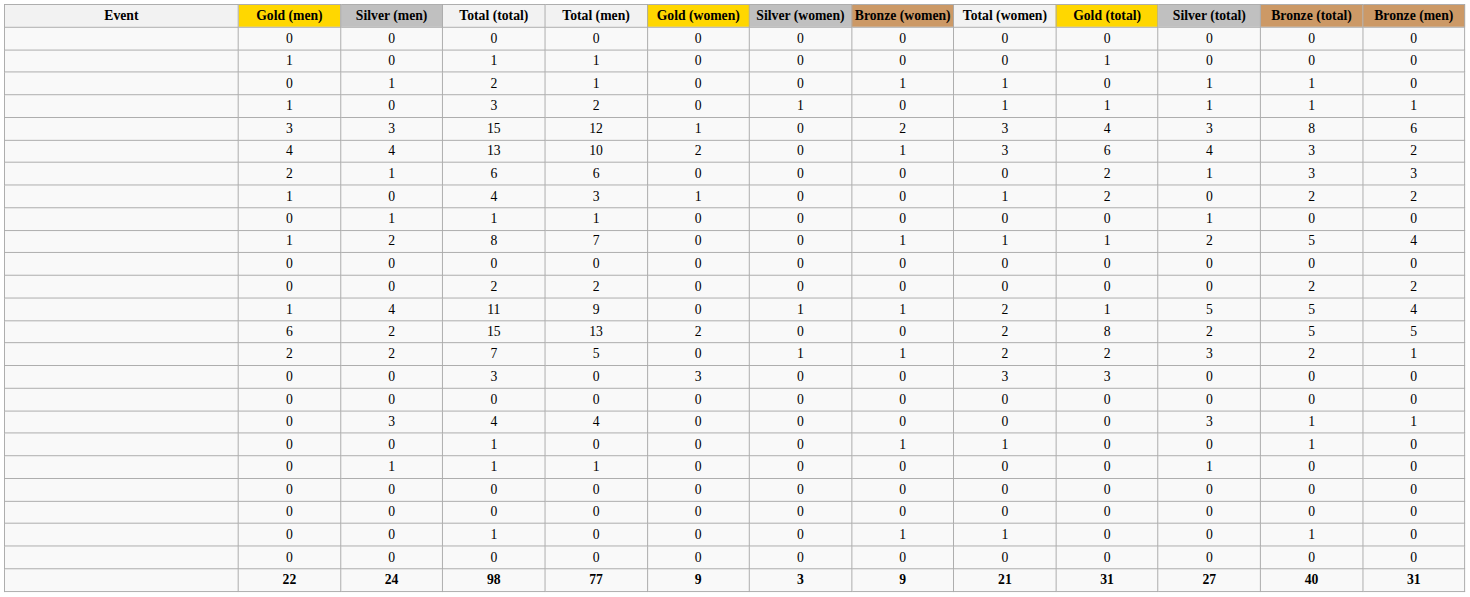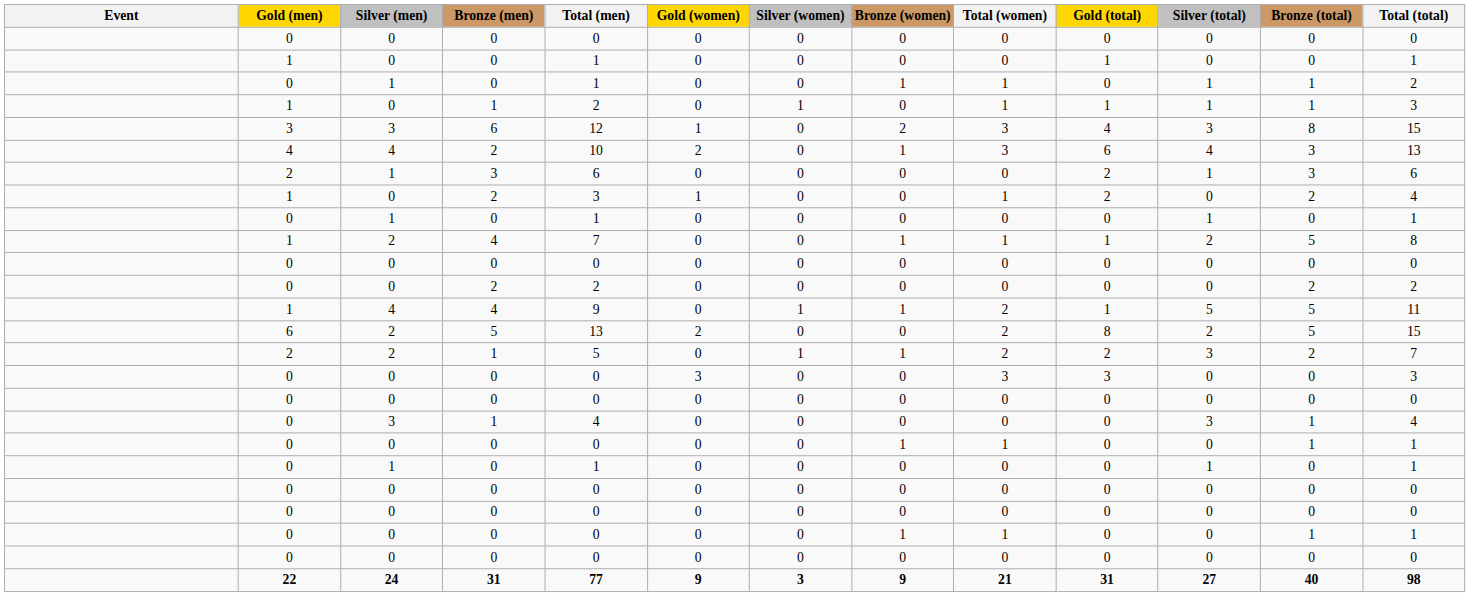 <table class="wikitable sortable" style="font-size:90%; text-align:center;">
 <tr>
 <th>Event</th>
 <th width=7% style="background-color:gold">Gold (men)</th>
 <th width=7% style="background-color:silver">Silver (men)</th>
-<th width=7%>Total (total)</th>
+<th width=7% style="background-color:#cc9966">Bronze (men)</th>
 <th width=7%>Total (men)</th>
 <th width=7% style="background-color:gold">Gold (women)</th>
 <th width=7% style="background-color:silver">Silver (women)</th>
 <th width=7% style="background-color:#cc9966">Bronze (women)</th>
 <th width=7%>Total (women)</th>
 <th width=7% style="background-color:gold">Gold (total)</th>
 <th width=7% style="background-color:silver">Silver (total)</th>
 <th width=7% style="background-color:#cc9966">Bronze (total)</th>
-<th width=7% style="background-color:#cc9966">Bronze (men)</th>
+<th width=7%>Total (total)</th>
 </tr>
 <tr>
 <td></td>
 <td>0</td>
 <td>0</td>
 <td>0</td>
 <td>0</td>
 <td>0</td>
 <td>0</td>
 <td>0</td>
 <td>0</td>
 <td>0</td>
 <td>0</td>
 <td>0</td>
 <td>0</td>
 </tr>
 <tr>
 <td></td>
 <td>1</td>
 <td>0</td>
-<td>1</td>
+<td>0</td>
 <td>1</td>
 <td>0</td>
 <td>0</td>
 <td>0</td>
 <td>0</td>
 <td>1</td>
 <td>0</td>
 <td>0</td>
-<td>0</td>
+<td>1</td>
 </tr>
 <tr>
 <td></td>
 <td>0</td>
 <td>1</td>
-<td>2</td>
+<td>0</td>
 <td>1</td>
 <td>0</td>
 <td>0</td>
 <td>1</td>
 <td>1</td>
 <td>0</td>
 <td>1</td>
 <td>1</td>
-<td>0</td>
+<td>2</td>
 </tr>
 <tr>
 <td></td>
 <td>1</td>
 <td>0</td>
-<td>3</td>
+<td>1</td>
 <td>2</td>
 <td>0</td>
 <td>1</td>
 <td>0</td>
 <td>1</td>
 <td>1</td>
 <td>1</td>
 <td>1</td>
-<td>1</td>
+<td>3</td>
 </tr>
 <tr>
 <td></td>
 <td>3</td>
 <td>3</td>
-<td>15</td>
+<td>6</td>
 <td>12</td>
 <td>1</td>
 <td>0</td>
 <td>2</td>
 <td>3</td>
 <td>4</td>
 <td>3</td>
 <td>8</td>
-<td>6</td>
+<td>15</td>
 </tr>
 <tr>
 <td></td>
 <td>4</td>
 <td>4</td>
-<td>13</td>
+<td>2</td>
 <td>10</td>
 <td>2</td>
 <td>0</td>
 <td>1</td>
 <td>3</td>
 <td>6</td>
 <td>4</td>
 <td>3</td>
-<td>2</td>
+<td>13</td>
 </tr>
 <tr>
 <td></td>
 <td>2</td>
 <td>1</td>
-<td>6</td>
+<td>3</td>
 <td>6</td>
 <td>0</td>
 <td>0</td>
 <td>0</td>
 <td>0</td>
 <td>2</td>
 <td>1</td>
 <td>3</td>
-<td>3</td>
+<td>6</td>
 </tr>
 <tr>
 <td></td>
 <td>1</td>
 <td>0</td>
-<td>4</td>
+<td>2</td>
 <td>3</td>
 <td>1</td>
 <td>0</td>
 <td>0</td>
 <td>1</td>
 <td>2</td>
 <td>0</td>
 <td>2</td>
-<td>2</td>
+<td>4</td>
 </tr>
 <tr>
 <td></td>
 <td>0</td>
 <td>1</td>
-<td>1</td>
+<td>0</td>
 <td>1</td>
 <td>0</td>
 <td>0</td>
 <td>0</td>
 <td>0</td>
 <td>0</td>
 <td>1</td>
 <td>0</td>
-<td>0</td>
+<td>1</td>
 </tr>
 <tr>
 <td></td>
 <td>1</td>
 <td>2</td>
-<td>8</td>
+<td>4</td>
 <td>7</td>
 <td>0</td>
 <td>0</td>
 <td>1</td>
 <td>1</td>
 <td>1</td>
 <td>2</td>
 <td>5</td>
-<td>4</td>
+<td>8</td>
 </tr>
 <tr>
 <td></td>
 <td>0</td>
 <td>0</td>
 <td>0</td>
 <td>0</td>
 <td>0</td>
 <td>0</td>
 <td>0</td>
 <td>0</td>
 <td>0</td>
 <td>0</td>
 <td>0</td>
 <td>0</td>
 </tr>
 <tr>
 <td></td>
 <td>0</td>
 <td>0</td>
 <td>2</td>
 <td>2</td>
 <td>0</td>
 <td>0</td>
 <td>0</td>
 <td>0</td>
 <td>0</td>
 <td>0</td>
 <td>2</td>
 <td>2</td>
 </tr>
 <tr>
 <td></td>
 <td>1</td>
 <td>4</td>
-<td>11</td>
+<td>4</td>
 <td>9</td>
 <td>0</td>
 <td>1</td>
 <td>1</td>
 <td>2</td>
 <td>1</td>
 <td>5</td>
 <td>5</td>
-<td>4</td>
+<td>11</td>
 </tr>
 <tr>
 <td></td>
 <td>6</td>
 <td>2</td>
-<td>15</td>
+<td>5</td>
 <td>13</td>
 <td>2</td>
 <td>0</td>
 <td>0</td>
 <td>2</td>
 <td>8</td>
 <td>2</td>
 <td>5</td>
-<td>5</td>
+<td>15</td>
 </tr>
 <tr>
 <td></td>
 <td>2</td>
 <td>2</td>
-<td>7</td>
+<td>1</td>
 <td>5</td>
 <td>0</td>
 <td>1</td>
 <td>1</td>
 <td>2</td>
 <td>2</td>
 <td>3</td>
 <td>2</td>
-<td>1</td>
+<td>7</td>
 </tr>
 <tr>
 <td></td>
 <td>0</td>
 <td>0</td>
-<td>3</td>
+<td>0</td>
 <td>0</td>
 <td>3</td>
 <td>0</td>
 <td>0</td>
 <td>3</td>
 <td>3</td>
 <td>0</td>
 <td>0</td>
-<td>0</td>
+<td>3</td>
 </tr>
 <tr>
 <td></td>
 <td>0</td>
 <td>0</td>
 <td>0</td>
 <td>0</td>
 <td>0</td>
 <td>0</td>
 <td>0</td>
 <td>0</td>
 <td>0</td>
 <td>0</td>
 <td>0</td>
 <td>0</td>
 </tr>
 <tr>
 <td></td>
 <td>0</td>
 <td>3</td>
-<td>4</td>
+<td>1</td>
 <td>4</td>
 <td>0</td>
 <td>0</td>
 <td>0</td>
 <td>0</td>
 <td>0</td>
 <td>3</td>
 <td>1</td>
-<td>1</td>
+<td>4</td>
 </tr>
 <tr>
 <td></td>
 <td>0</td>
 <td>0</td>
-<td>1</td>
+<td>0</td>
 <td>0</td>
 <td>0</td>
 <td>0</td>
 <td>1</td>
 <td>1</td>
 <td>0</td>
 <td>0</td>
 <td>1</td>
-<td>0</td>
+<td>1</td>
 </tr>
 <tr>
 <td></td>
 <td>0</td>
 <td>1</td>
-<td>1</td>
+<td>0</td>
 <td>1</td>
 <td>0</td>
 <td>0</td>
 <td>0</td>
 <td>0</td>
 <td>0</td>
 <td>1</td>
 <td>0</td>
-<td>0</td>
+<td>1</td>
 </tr>
 <tr>
 <td></td>
 <td>0</td>
 <td>0</td>
 <td>0</td>
 <td>0</td>
 <td>0</td>
 <td>0</td>
 <td>0</td>
 <td>0</td>
 <td>0</td>
 <td>0</td>
 <td>0</td>
 <td>0</td>
 </tr>
 <tr>
 <td></td>
 <td>0</td>
 <td>0</td>
 <td>0</td>
 <td>0</td>
 <td>0</td>
 <td>0</td>
 <td>0</td>
 <td>0</td>
 <td>0</td>
 <td>0</td>
 <td>0</td>
 <td>0</td>
 </tr>
 <tr>
 <td></td>
 <td>0</td>
 <td>0</td>
-<td>1</td>
+<td>0</td>
 <td>0</td>
 <td>0</td>
 <td>0</td>
 <td>1</td>
 <td>1</td>
 <td>0</td>
 <td>0</td>
 <td>1</td>
-<td>0</td>
+<td>1</td>
 </tr>
 <tr>
 <td></td>
 <td>0</td>
 <td>0</td>
 <td>0</td>
 <td>0</td>
 <td>0</td>
 <td>0</td>
 <td>0</td>
 <td>0</td>
 <td>0</td>
 <td>0</td>
 <td>0</td>
 <td>0</td>
 </tr>
 <tr>
 <td><strong></strong></td>
 <td><strong>22</strong></td>
 <td><strong>24</strong></td>
-<td><strong>98</strong></td>
+<td><strong>31</strong></td>
 <td><strong>77</strong></td>
 <td><strong>9</strong></td>
 <td><strong>3</strong></td>
 <td><strong>9</strong></td>
 <td><strong>21</strong></td>
 <td><strong>31</strong></td>
 <td><strong>27</strong></td>
 <td><strong>40</strong></td>
-<td><strong>31</strong></td>
+<td><strong>98</strong></td>
 </tr>
 </table>
